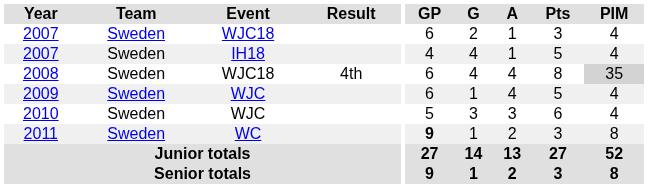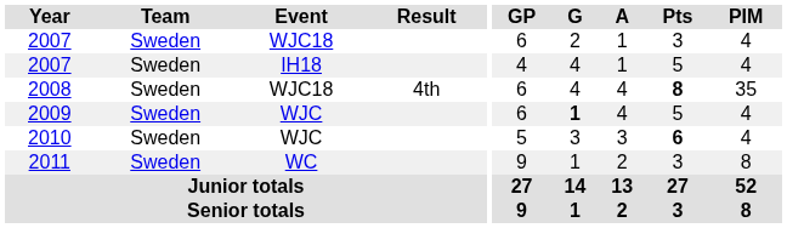 <table border="0" cellpadding="1" cellspacing="0" ID="Table3" style="text-align:center; width:40em;">
 <tr bgcolor="#e0e0e0">
 <th>Year</th>
 <th>Team</th>
 <th>Event</th>
 <th>Result</th>
 <th rowspan="99" bgcolor="#ffffff"></th>
 <th>GP</th>
 <th>G</th>
 <th>A</th>
 <th>Pts</th>
 <th>PIM</th>
 </tr>
 <tr>
 <td><a href='#'>2007</a></td>
 <td><a href='#'>Sweden</a></td>
 <td><a href='#'>WJC18</a></td>
 <td></td>
 <td>6</td>
 <td>2</td>
 <td>1</td>
 <td>3</td>
 <td>4</td>
 </tr>
 <tr bgcolor="#f0f0f0">
 <td><a href='#'>2007</a></td>
 <td>Sweden</td>
 <td><a href='#'>IH18</a></td>
 <td></td>
 <td>4</td>
 <td>4</td>
 <td>1</td>
 <td>5</td>
 <td>4</td>
 </tr>
 <tr>
 <td><a href='#'>2008</a></td>
 <td>Sweden</td>
 <td>WJC18</td>
 <td>4th</td>
 <td>6</td>
 <td>4</td>
 <td>4</td>
-<td>8</td>
-<td style="background: lightgrey;">35</td>
+<td><strong>8</strong></td>
+<td>35</td>
 </tr>
 <tr bgcolor="#f0f0f0">
 <td><a href='#'>2009</a></td>
 <td><a href='#'>Sweden</a></td>
 <td><a href='#'>WJC</a></td>
 <td></td>
 <td>6</td>
-<td>1</td>
+<td><strong>1</strong></td>
 <td>4</td>
 <td>5</td>
 <td>4</td>
 </tr>
 <tr>
 <td><a href='#'>2010</a></td>
 <td>Sweden</td>
 <td>WJC</td>
 <td></td>
 <td>5</td>
 <td>3</td>
 <td>3</td>
-<td>6</td>
+<td><strong>6</strong></td>
 <td>4</td>
 </tr>
 <tr bgcolor="#f0f0f0">
 <td><a href='#'>2011</a></td>
 <td><a href='#'>Sweden</a></td>
 <td><a href='#'>WC</a></td>
 <td></td>
-<td><strong>9</strong></td>
+<td>9</td>
 <td>1</td>
 <td>2</td>
 <td>3</td>
 <td>8</td>
 </tr>
 <tr bgcolor="#e0e0e0">
 <th colspan="4">Junior totals</th>
 <th>27</th>
 <th>14</th>
 <th>13</th>
 <th>27</th>
 <th>52</th>
 </tr>
 <tr bgcolor="#e0e0e0">
 <th colspan="4">Senior totals</th>
 <th>9</th>
 <th>1</th>
 <th>2</th>
 <th>3</th>
 <th>8</th>
 </tr>
 </table>
